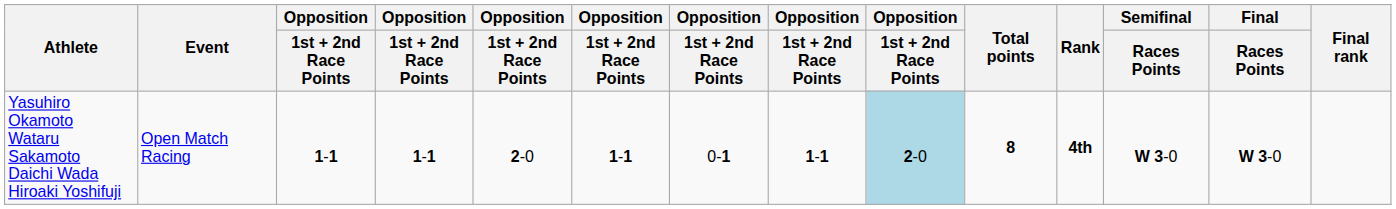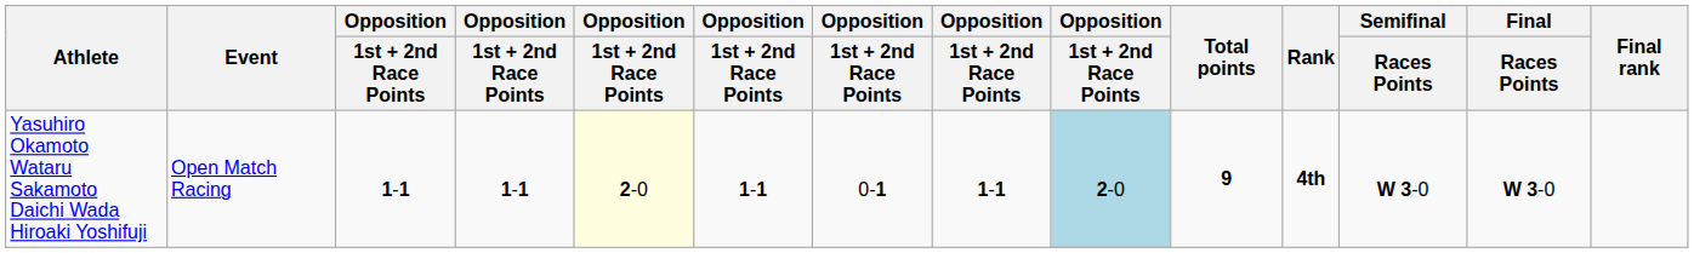 <table class="wikitable" border="1" style="font-size:90%">
 <tr>
 <th rowspan=2>Athlete</th>
 <th rowspan=2>Event</th>
 <th>Opposition</th>
 <th>Opposition</th>
 <th>Opposition</th>
 <th>Opposition</th>
 <th>Opposition</th>
 <th>Opposition</th>
 <th>Opposition</th>
 <th rowspan=2>Total points</th>
 <th rowspan=2>Rank</th>
 <th>Semifinal</th>
 <th>Final</th>
 <th rowspan=2>Final rank</th>
 </tr>
 <tr>
 <th>1st + 2nd<br>Race Points</th>
 <th>1st + 2nd<br>Race Points</th>
 <th>1st + 2nd<br>Race Points</th>
 <th>1st + 2nd<br>Race Points</th>
 <th>1st + 2nd<br>Race Points</th>
 <th>1st + 2nd<br>Race Points</th>
 <th>1st + 2nd<br>Race Points</th>
 <th>Races Points</th>
 <th>Races Points</th>
 </tr>
 <tr>
 <td align=left><a href='#'>Yasuhiro Okamoto</a><br><a href='#'>Wataru Sakamoto</a><br><a href='#'>Daichi Wada</a><br><a href='#'>Hiroaki Yoshifuji</a></td>
 <td align=left><a href='#'>Open Match Racing</a></td>
 <td align=center><br><strong>1</strong>-<strong>1</strong></td>
 <td align=center><br><strong>1</strong>-<strong>1</strong></td>
-<td align=center><br><strong>2</strong>-0</td>
+<td align=center style="background: lightyellow;"><br><strong>2</strong>-0</td>
 <td align=center><br><strong>1</strong>-<strong>1</strong></td>
 <td align=center><br>0-<strong>1</strong></td>
 <td align=center><br><strong>1</strong>-<strong>1</strong></td>
 <td align=center style="background: lightblue;"><br><strong>2</strong>-0</td>
-<td align=center><strong>8</strong></td>
+<td align=center><strong>9</strong></td>
 <td align=center><strong>4th</strong></td>
 <td align=center><br><strong>W</strong> <strong>3</strong>-0</td>
 <td align=center><br><strong>W</strong> <strong>3</strong>-0</td>
 <td align=center></td>
 </tr>
 </table>
